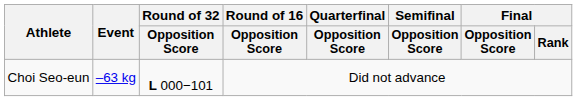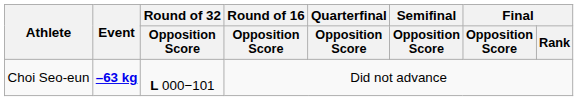 <table class=wikitable style=font-size:90%;text-align:center>
 <tr>
 <th rowspan=2>Athlete</th>
 <th rowspan=2>Event</th>
 <th>Round of 32</th>
 <th>Round of 16</th>
 <th>Quarterfinal</th>
 <th>Semifinal</th>
 <th colspan=2>Final</th>
 </tr>
 <tr style=font-size:95%>
 <th>Opposition<br>Score</th>
 <th>Opposition<br>Score</th>
 <th>Opposition<br>Score</th>
 <th>Opposition<br>Score</th>
 <th>Opposition<br>Score</th>
 <th>Rank</th>
 </tr>
 <tr>
 <td align=left>Choi Seo-eun</td>
-<td align=left><a href='#'>–63 kg</a></td>
+<td align=left><strong><a href='#'>–63 kg</a></strong></td>
 <td><br><strong>L</strong> 000−101</td>
 <td colspan=5>Did not advance</td>
 </tr>
 </table>
